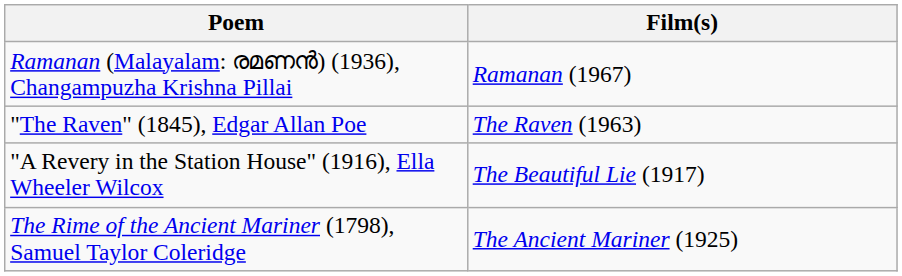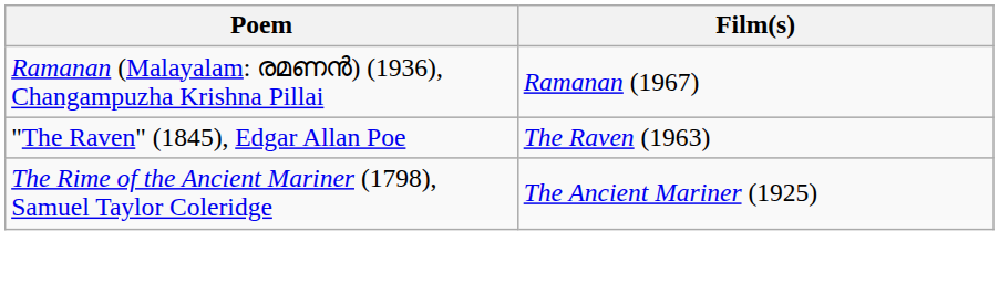 <table class="wikitable">
 <tr>
 <th width="600">Poem</th>
 <th width="600">Film(s)</th>
 </tr>
 <tr>
 <td><em><a href='#'>Ramanan</a></em> (<a href='#'>Malayalam</a>: രമണന്‍) (1936), <a href='#'>Changampuzha Krishna Pillai</a></td>
 <td><em><a href='#'>Ramanan</a></em> (1967)</td>
 </tr>
 <tr>
 <td>"<a href='#'>The Raven</a>" (1845), <a href='#'>Edgar Allan Poe</a></td>
 <td><em><a href='#'>The Raven</a></em> (1963)</td>
 </tr>
 <tr>
-<td>"A Revery in the Station House" (1916), <a href='#'>Ella Wheeler Wilcox</a></td>
-<td><em><a href='#'>The Beautiful Lie</a></em> (1917)</td>
-</tr>
-<tr>
 <td><em><a href='#'>The Rime of the Ancient Mariner</a></em> (1798), <a href='#'>Samuel Taylor Coleridge</a></td>
 <td><em><a href='#'>The Ancient Mariner</a></em> (1925)</td>
 </tr>
 </table>
